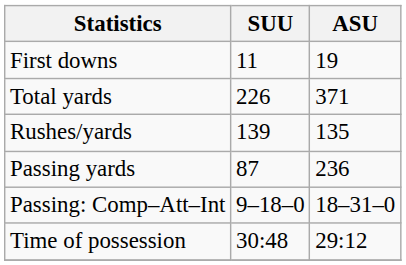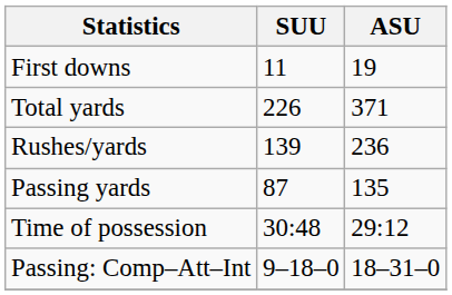 <table class="wikitable" style="float: left;">
 <tr>
 <th>Statistics</th>
 <th>SUU</th>
 <th>ASU</th>
 </tr>
 <tr>
 <td>First downs</td>
 <td>11</td>
 <td>19</td>
 </tr>
 <tr>
 <td>Total yards</td>
 <td>226</td>
 <td>371</td>
 </tr>
 <tr>
 <td>Rushes/yards</td>
 <td>139</td>
-<td>135</td>
+<td>236</td>
 </tr>
 <tr>
 <td>Passing yards</td>
 <td>87</td>
-<td>236</td>
+<td>135</td>
+</tr>
+<tr>
+<td>Time of possession</td>
+<td>30:48</td>
+<td>29:12</td>
 </tr>
 <tr>
 <td>Passing: Comp–Att–Int</td>
 <td>9–18–0</td>
 <td>18–31–0</td>
 </tr>
 <tr>
-<td>Time of possession</td>
-<td>30:48</td>
-<td>29:12</td>
-</tr>
-<tr>
 </tr>
 </table>
